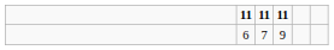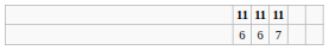 <table class="wikitable">
 <tr>
 <td style="width:18em"></td>
 <td align=center style="width:1em"><strong>11</strong></td>
 <td align=center style="width:1em"><strong>11</strong></td>
 <td align=center style="width:1em"><strong>11</strong></td>
 <td align=center style="width:1em"></td>
 <td align=center style="width:1em"></td>
 </tr>
 <tr>
 <td style="width:18em"></td>
 <td align=center style="width:1em">6</td>
+<td align=center style="width:1em">6</td>
 <td align=center style="width:1em">7</td>
-<td align=center style="width:1em">9</td>
 <td align=center style="width:1em"></td>
 <td align=center style="width:1em"></td>
 </tr>
 </table>
